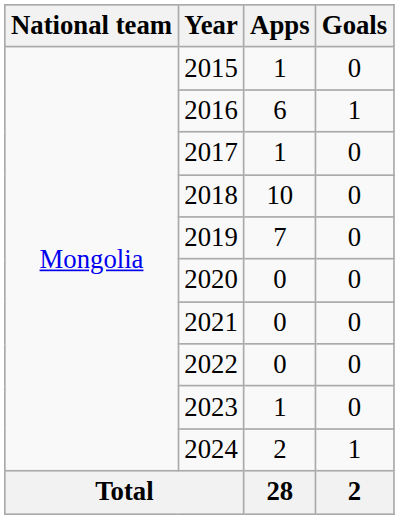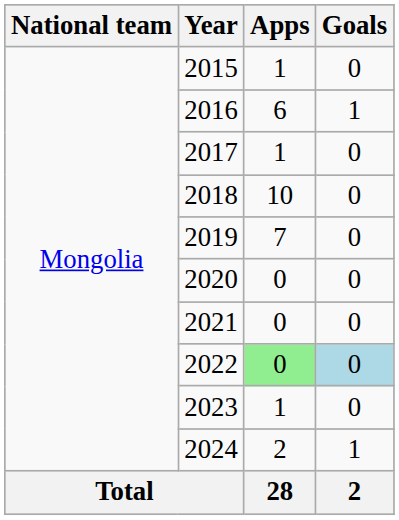 <table class="wikitable" style="text-align:center">
 <tr>
 <th>National team</th>
 <th>Year</th>
 <th>Apps</th>
 <th>Goals</th>
 </tr>
 <tr>
 <td rowspan="10"><a href='#'>Mongolia</a></td>
 <td>2015</td>
 <td>1</td>
 <td>0</td>
 </tr>
 <tr>
 <td>2016</td>
 <td>6</td>
 <td>1</td>
 </tr>
 <tr>
 <td>2017</td>
 <td>1</td>
 <td>0</td>
 </tr>
 <tr>
 <td>2018</td>
 <td>10</td>
 <td>0</td>
 </tr>
 <tr>
 <td>2019</td>
 <td>7</td>
 <td>0</td>
 </tr>
 <tr>
 <td>2020</td>
 <td>0</td>
 <td>0</td>
 </tr>
 <tr>
 <td>2021</td>
 <td>0</td>
 <td>0</td>
 </tr>
 <tr>
 <td>2022</td>
-<td>0</td>
-<td>0</td>
+<td style="background: lightgreen;">0</td>
+<td style="background: lightblue;">0</td>
 </tr>
 <tr>
 <td>2023</td>
 <td>1</td>
 <td>0</td>
 </tr>
 <tr>
 <td>2024</td>
 <td>2</td>
 <td>1</td>
 </tr>
 <tr>
 <th colspan="2">Total</th>
 <th>28</th>
 <th>2</th>
 </tr>
 </table>
